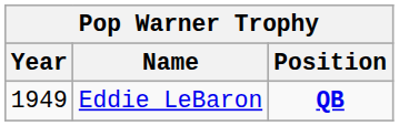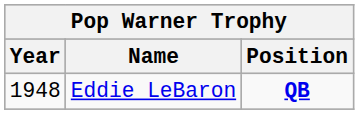 <table class="wikitable">
 <tr align="center">
 <th colspan=5>Pop Warner Trophy</th>
 </tr>
 <tr>
 <th>Year</th>
 <th>Name</th>
 <th>Position</th>
 </tr>
 <tr align="center" bgcolor="">
-<td>1949</td>
+<td>1948</td>
 <td><a href='#'>Eddie LeBaron</a></td>
 <td><strong><a href='#'>QB</a></strong></td>
 </tr>
 </table>
